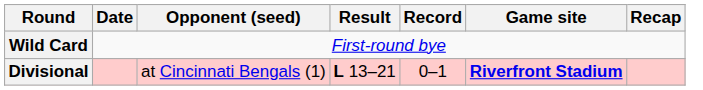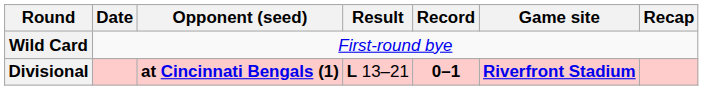 <table class="wikitable" style="text-align:center">
 <tr>
 <th>Round</th>
 <th>Date</th>
 <th>Opponent (seed)</th>
 <th>Result</th>
 <th>Record</th>
 <th>Game site</th>
 <th>Recap</th>
 </tr>
 <tr>
 <th>Wild Card</th>
 <td colspan="6"><em><a href='#'>First-round bye</a></em></td>
 </tr>
 <tr style="background:#fcc">
 <th>Divisional</th>
 <td></td>
-<td>at <a href='#'>Cincinnati Bengals</a> (1)</td>
+<td><strong>at <a href='#'>Cincinnati Bengals</a> (1)</strong></td>
 <td><strong>L</strong> 13–21</td>
-<td>0–1</td>
+<td><strong>0–1</strong></td>
 <td><strong><a href='#'>Riverfront Stadium</a></strong></td>
 <td></td>
 </tr>
 </table>
